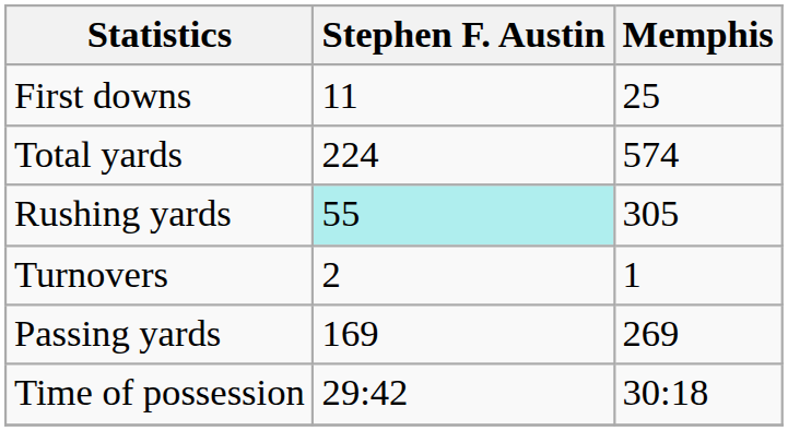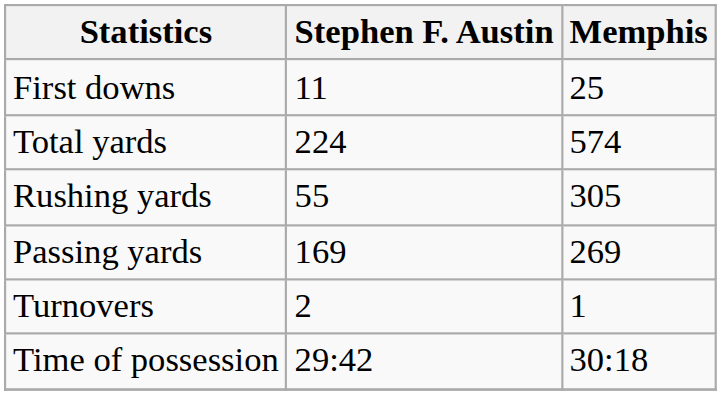 <table class="wikitable">
 <tr>
 <th>Statistics</th>
 <th>Stephen F. Austin</th>
 <th>Memphis</th>
 </tr>
 <tr>
 <td>First downs</td>
 <td>11</td>
 <td>25</td>
 </tr>
 <tr>
 <td>Total yards</td>
 <td>224</td>
 <td>574</td>
 </tr>
 <tr>
 <td>Rushing yards</td>
-<td style="background: paleturquoise;">55</td>
+<td>55</td>
 <td>305</td>
+</tr>
+<tr>
+<td>Passing yards</td>
+<td>169</td>
+<td>269</td>
 </tr>
 <tr>
 <td>Turnovers</td>
 <td>2</td>
 <td>1</td>
-</tr>
-<tr>
-<td>Passing yards</td>
-<td>169</td>
-<td>269</td>
 </tr>
 <tr>
 <td>Time of possession</td>
 <td>29:42</td>
 <td>30:18</td>
 </tr>
 <tr>
 </tr>
 </table>
